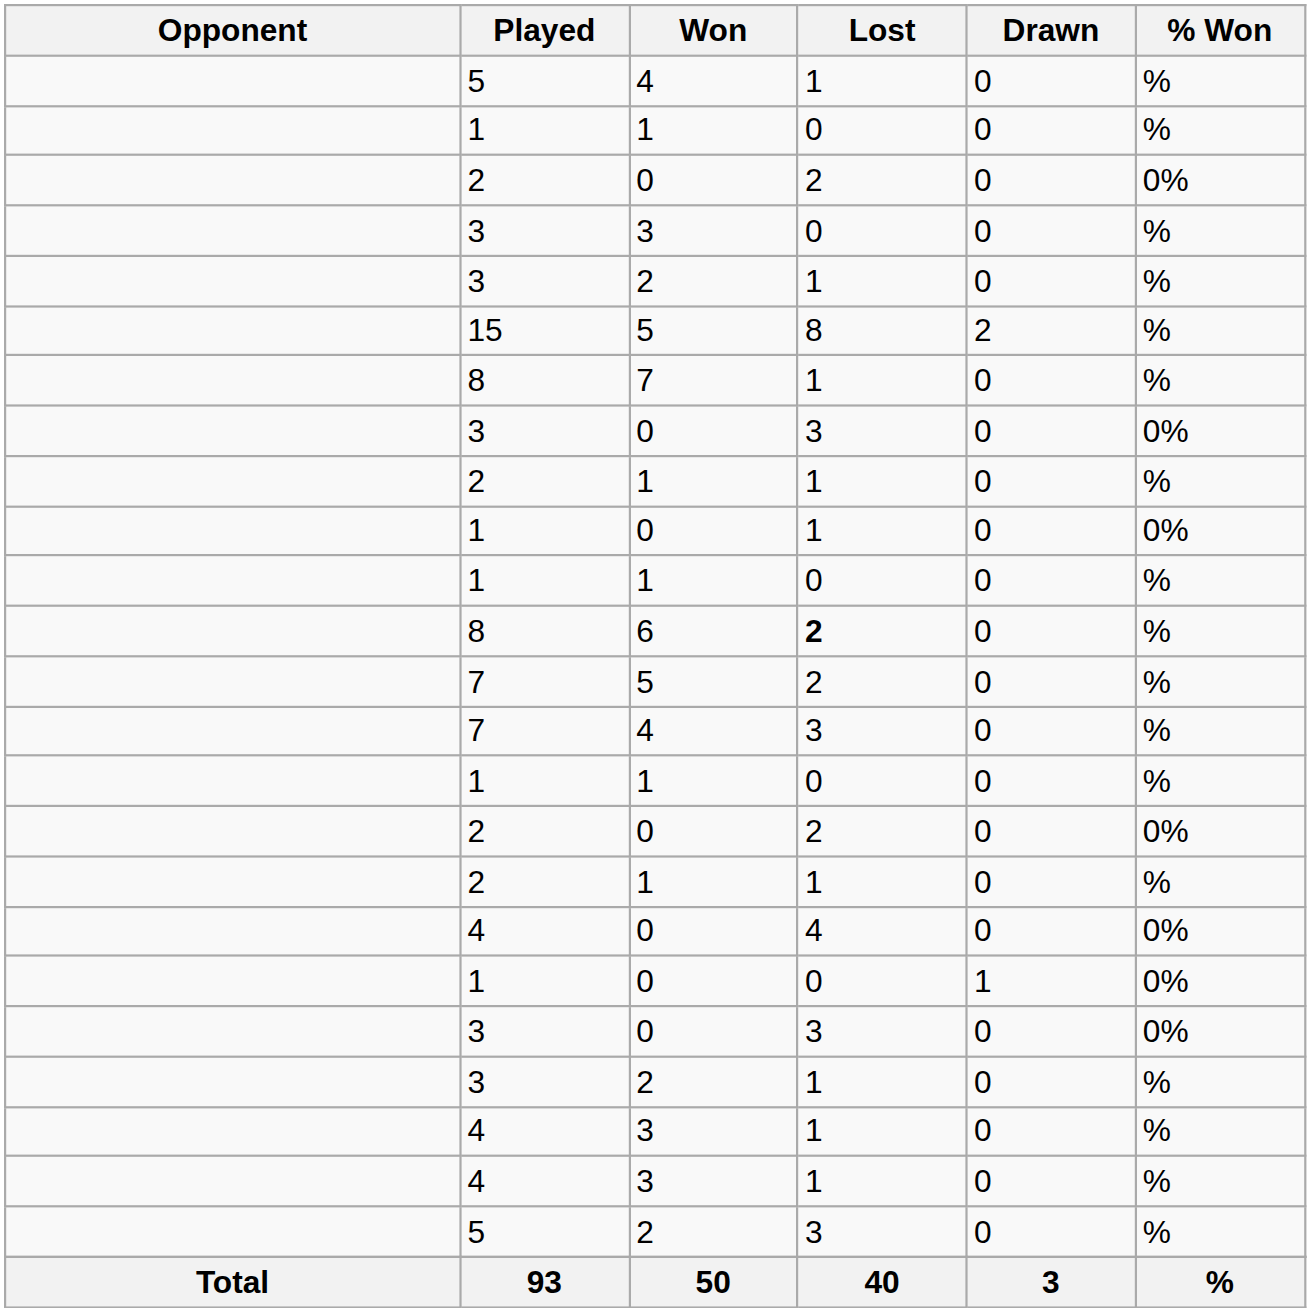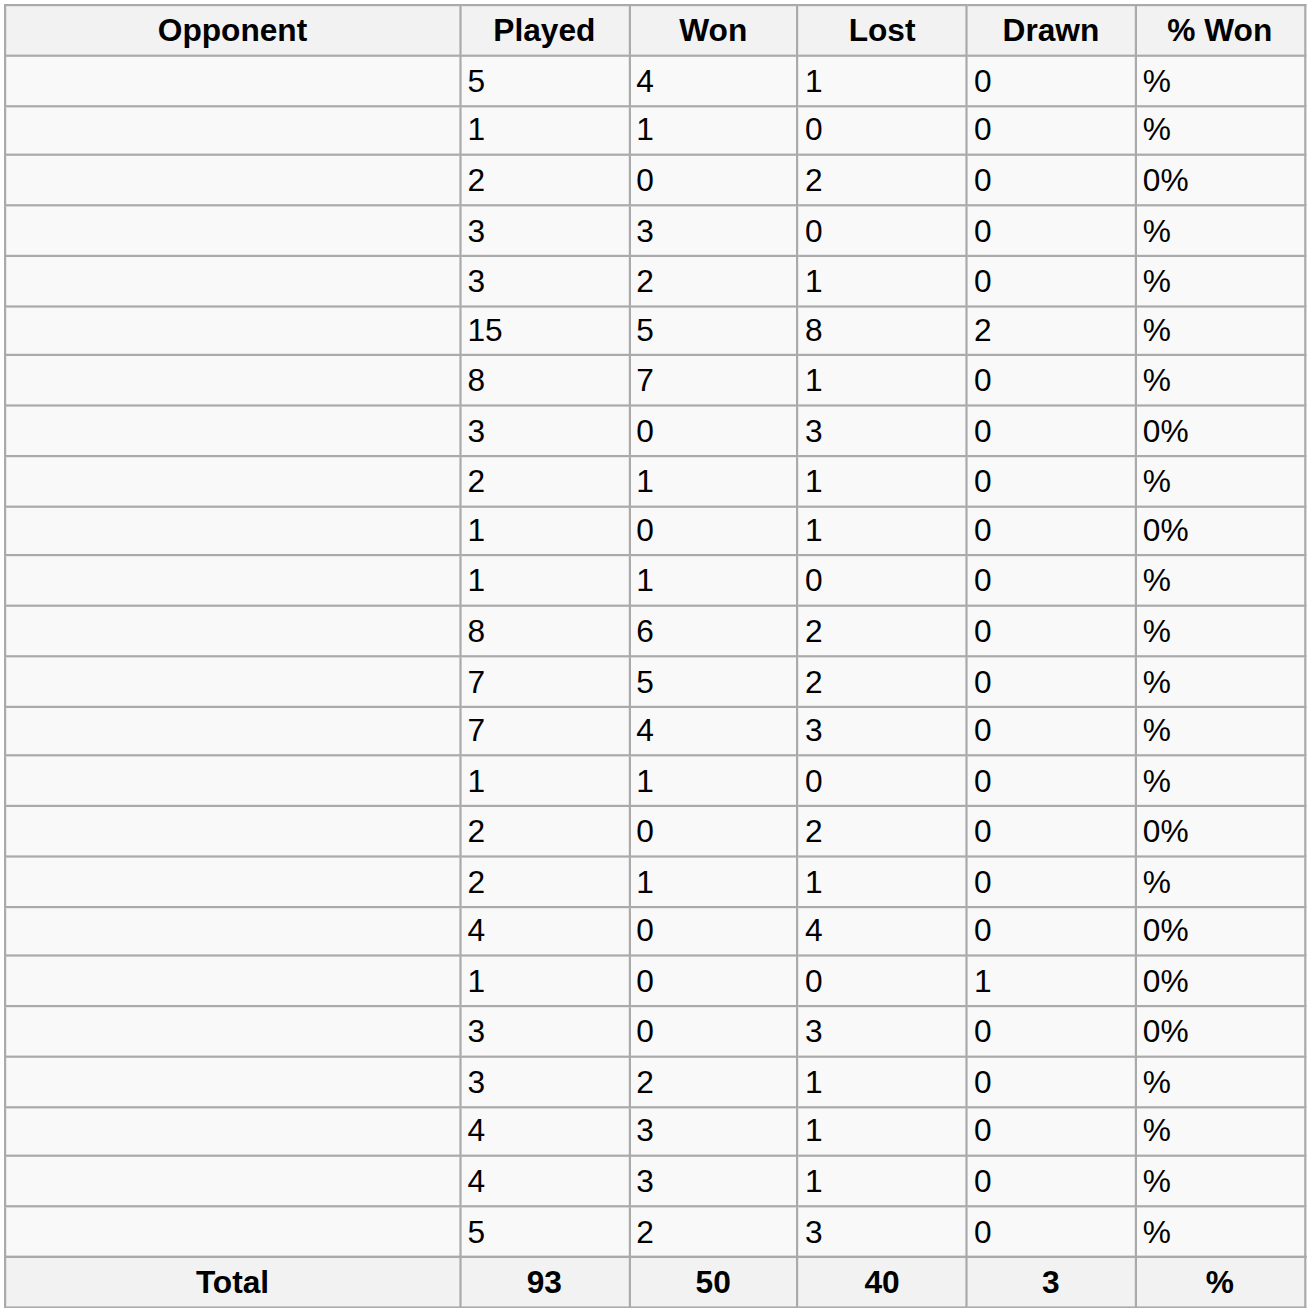 <table class="wikitable sortable" style="font-size:90%">
 <tr>
 <th width=200>Opponent</th>
 <th width=70>Played</th>
 <th width=70>Won</th>
 <th width=70>Lost</th>
 <th width=70>Drawn</th>
 <th width=70>% Won</th>
 </tr>
 <tr>
 <td align="left"></td>
 <td>5</td>
 <td>4</td>
 <td>1</td>
 <td>0</td>
 <td>%</td>
 </tr>
 <tr>
 <td align="left"></td>
 <td>1</td>
 <td>1</td>
 <td>0</td>
 <td>0</td>
 <td>%</td>
 </tr>
 <tr>
 <td align="left"></td>
 <td>2</td>
 <td>0</td>
 <td>2</td>
 <td>0</td>
 <td>0%</td>
 </tr>
 <tr>
 <td align="left"></td>
 <td>3</td>
 <td>3</td>
 <td>0</td>
 <td>0</td>
 <td>%</td>
 </tr>
 <tr>
 <td align="left"></td>
 <td>3</td>
 <td>2</td>
 <td>1</td>
 <td>0</td>
 <td>%</td>
 </tr>
 <tr>
 <td align="left"></td>
 <td>15</td>
 <td>5</td>
 <td>8</td>
 <td>2</td>
 <td>%</td>
 </tr>
 <tr>
 <td align="left"></td>
 <td>8</td>
 <td>7</td>
 <td>1</td>
 <td>0</td>
 <td>%</td>
 </tr>
 <tr>
 <td align="left"></td>
 <td>3</td>
 <td>0</td>
 <td>3</td>
 <td>0</td>
 <td>0%</td>
 </tr>
 <tr>
 <td align="left"></td>
 <td>2</td>
 <td>1</td>
 <td>1</td>
 <td>0</td>
 <td>%</td>
 </tr>
 <tr>
 <td align="left"></td>
 <td>1</td>
 <td>0</td>
 <td>1</td>
 <td>0</td>
 <td>0%</td>
 </tr>
 <tr>
 <td align="left"></td>
 <td>1</td>
 <td>1</td>
 <td>0</td>
 <td>0</td>
 <td>%</td>
 </tr>
 <tr>
 <td align="left"></td>
 <td>8</td>
 <td>6</td>
-<td><strong>2</strong></td>
+<td>2</td>
 <td>0</td>
 <td>%</td>
 </tr>
 <tr>
 <td align="left"></td>
 <td>7</td>
 <td>5</td>
 <td>2</td>
 <td>0</td>
 <td>%</td>
 </tr>
 <tr>
 <td align="left"></td>
 <td>7</td>
 <td>4</td>
 <td>3</td>
 <td>0</td>
 <td>%</td>
 </tr>
 <tr>
 <td align="left"></td>
 <td>1</td>
 <td>1</td>
 <td>0</td>
 <td>0</td>
 <td>%</td>
 </tr>
 <tr>
 <td align="left"></td>
 <td>2</td>
 <td>0</td>
 <td>2</td>
 <td>0</td>
 <td>0%</td>
 </tr>
 <tr>
 <td align="left"></td>
 <td>2</td>
 <td>1</td>
 <td>1</td>
 <td>0</td>
 <td>%</td>
 </tr>
 <tr>
 <td align="left"></td>
 <td>4</td>
 <td>0</td>
 <td>4</td>
 <td>0</td>
 <td>0%</td>
 </tr>
 <tr>
 <td align="left"></td>
 <td>1</td>
 <td>0</td>
 <td>0</td>
 <td>1</td>
 <td>0%</td>
 </tr>
 <tr>
 <td align="left"></td>
 <td>3</td>
 <td>0</td>
 <td>3</td>
 <td>0</td>
 <td>0%</td>
 </tr>
 <tr>
 <td align="left"></td>
 <td>3</td>
 <td>2</td>
 <td>1</td>
 <td>0</td>
 <td>%</td>
 </tr>
 <tr>
 <td align="left"></td>
 <td>4</td>
 <td>3</td>
 <td>1</td>
 <td>0</td>
 <td>%</td>
 </tr>
 <tr>
 <td align="left"></td>
 <td>4</td>
 <td>3</td>
 <td>1</td>
 <td>0</td>
 <td>%</td>
 </tr>
 <tr>
 <td align="left"></td>
 <td>5</td>
 <td>2</td>
 <td>3</td>
 <td>0</td>
 <td>%</td>
 </tr>
 <tr>
 </tr>
 <tr class="sortbottom">
 <th>Total</th>
 <th>93</th>
 <th>50</th>
 <th>40</th>
 <th>3</th>
 <th>%</th>
 </tr>
 </table>
